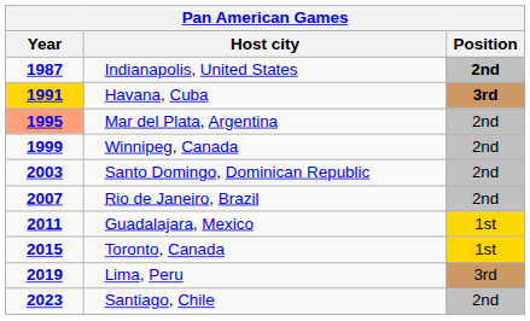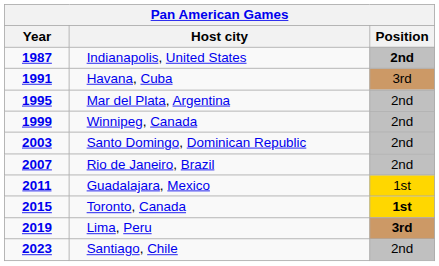 <table class="wikitable" style="text-align: center;">
 <tr>
 <th colspan=4 style="background-color: ;"><a href='#'>Pan American Games</a></th>
 </tr>
 <tr>
 <th style="width: 70px;">Year</th>
 <th style="width: 350px;">Host city</th>
 <th style="width: 70px;">Position</th>
 </tr>
 <tr>
 <td><strong><a href='#'>1987</a></strong></td>
 <td style="text-align: left; padding-left: 20px;"> <a href='#'>Indianapolis</a>, <a href='#'>United States</a></td>
 <td style="background-color: silver;"><strong>2nd</strong></td>
 </tr>
 <tr>
-<td style="background: gold;"><strong><a href='#'>1991</a></strong></td>
+<td><strong><a href='#'>1991</a></strong></td>
 <td style="text-align: left; padding-left: 20px;"> <a href='#'>Havana</a>, <a href='#'>Cuba</a></td>
-<td style="background-color: #cc9966;"><strong>3rd</strong></td>
+<td style="background-color: #cc9966;">3rd</td>
 </tr>
 <tr>
-<td style="background: lightsalmon;"><strong><a href='#'>1995</a></strong></td>
+<td><strong><a href='#'>1995</a></strong></td>
 <td style="text-align: left; padding-left: 20px;"> <a href='#'>Mar del Plata</a>, <a href='#'>Argentina</a></td>
 <td style="background-color: silver;">2nd</td>
 </tr>
 <tr>
 <td><strong><a href='#'>1999</a></strong></td>
 <td style="text-align: left; padding-left: 20px;"> <a href='#'>Winnipeg</a>, <a href='#'>Canada</a></td>
 <td style="background-color: silver;">2nd</td>
 </tr>
 <tr>
 <td><strong><a href='#'>2003</a></strong></td>
 <td style="text-align: left; padding-left: 20px;"> <a href='#'>Santo Domingo</a>, <a href='#'>Dominican Republic</a></td>
 <td style="background-color: silver;">2nd</td>
 </tr>
 <tr>
 <td><strong><a href='#'>2007</a></strong></td>
 <td style="text-align: left; padding-left: 20px;"> <a href='#'>Rio de Janeiro</a>, <a href='#'>Brazil</a></td>
 <td style="background-color: silver;">2nd</td>
 </tr>
 <tr>
 <td><strong><a href='#'>2011</a></strong></td>
 <td style="text-align: left; padding-left: 20px;"> <a href='#'>Guadalajara</a>, <a href='#'>Mexico</a></td>
 <td style="background-color: gold;">1st</td>
 </tr>
 <tr>
 <td><strong><a href='#'>2015</a></strong></td>
 <td style="text-align: left; padding-left: 20px;"> <a href='#'>Toronto</a>, <a href='#'>Canada</a></td>
-<td style="background-color: gold;">1st</td>
+<td style="background-color: gold;"><strong>1st</strong></td>
 </tr>
 <tr>
 <td><strong><a href='#'>2019</a></strong></td>
 <td style="text-align: left; padding-left: 20px;"> <a href='#'>Lima</a>, <a href='#'>Peru</a></td>
-<td style="background-color: #cc9966;">3rd</td>
+<td style="background-color: #cc9966;"><strong>3rd</strong></td>
 </tr>
 <tr>
 <td><strong><a href='#'>2023</a></strong></td>
 <td style="text-align: left; padding-left: 20px;"> <a href='#'>Santiago</a>, <a href='#'>Chile</a></td>
 <td style="background-color: silver;">2nd</td>
 </tr>
 </table>
